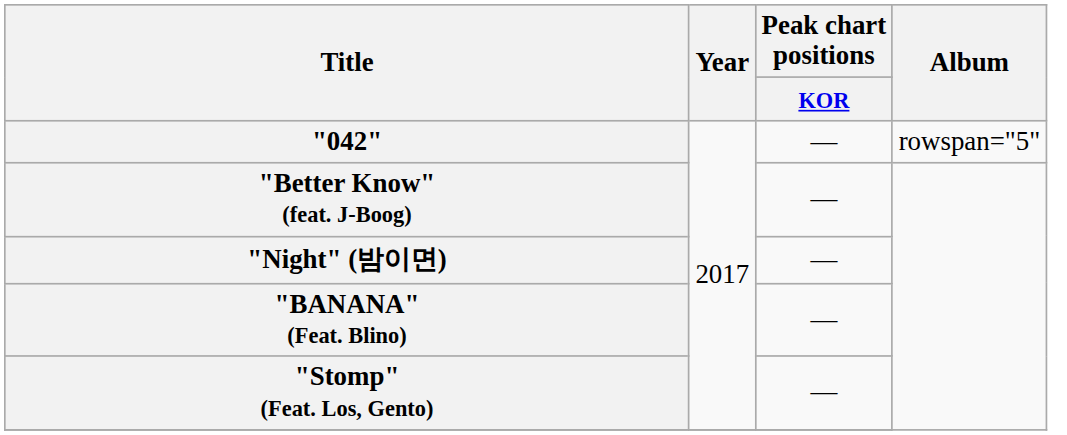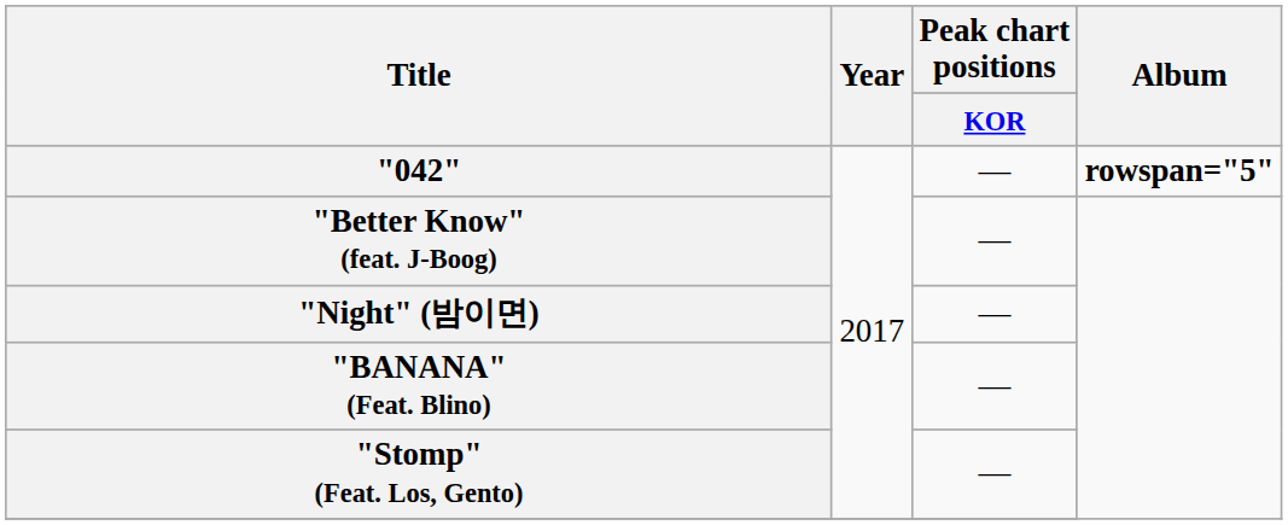 <table class="wikitable plainrowheaders" style="text-align:center;">
 <tr>
 <th scope="col" rowspan="2" style="width:25em;">Title</th>
 <th scope="col" rowspan="2">Year</th>
 <th scope="col" colspan="1">Peak chart <br> positions</th>
 <th scope="col" rowspan="2">Album</th>
 </tr>
 <tr>
 <th><small><a href='#'>KOR</a></small><br></th>
 </tr>
 <tr>
 <th scope="row">"042"</th>
 <td rowspan="5">2017</td>
 <td>—</td>
-<td>rowspan="5" </td>
+<td><strong>rowspan="5" </strong></td>
 </tr>
 <tr>
 <th scope="row">"Better Know" <br><small>(feat. J-Boog)</small></th>
 <td>—</td>
 </tr>
 <tr>
 <th scope="row">"Night" (밤이면)</th>
 <td>—</td>
 </tr>
 <tr>
 <th scope="row">"BANANA" <br><small>(Feat. Blino)</small></th>
 <td>—</td>
 </tr>
 <tr>
 <th scope="row">"Stomp" <br><small>(Feat. Los, Gento)</small></th>
 <td>—</td>
 </tr>
 <tr>
 </tr>
 </table>
